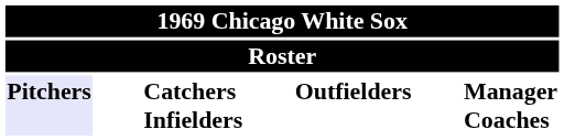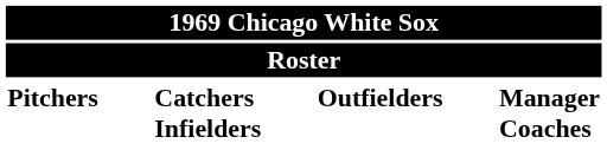 <table class="toccolours" style="font-size: 95%;">
 <tr>
 <th colspan="10" style="background-color: black; color: white; text-align: center;">1969 Chicago White Sox</th>
 </tr>
 <tr>
 <td colspan="10" style="background-color: black; color: white; text-align: center;"><strong>Roster</strong></td>
 </tr>
 <tr>
-<td valign="top" style="background: lavender;"><strong>Pitchers</strong><br>                    </td>
+<td valign="top"><strong>Pitchers</strong><br>                    </td>
 <td width="25px"></td>
 <td valign="top"><strong>Catchers</strong><br>     <strong>Infielders</strong>           </td>
 <td width="25px"></td>
 <td valign="top"><strong>Outfielders</strong><br>       </td>
 <td width="25px"></td>
 <td valign="top"><strong>Manager</strong><br>  <strong>Coaches</strong>    </td>
 </tr>
 </table>
